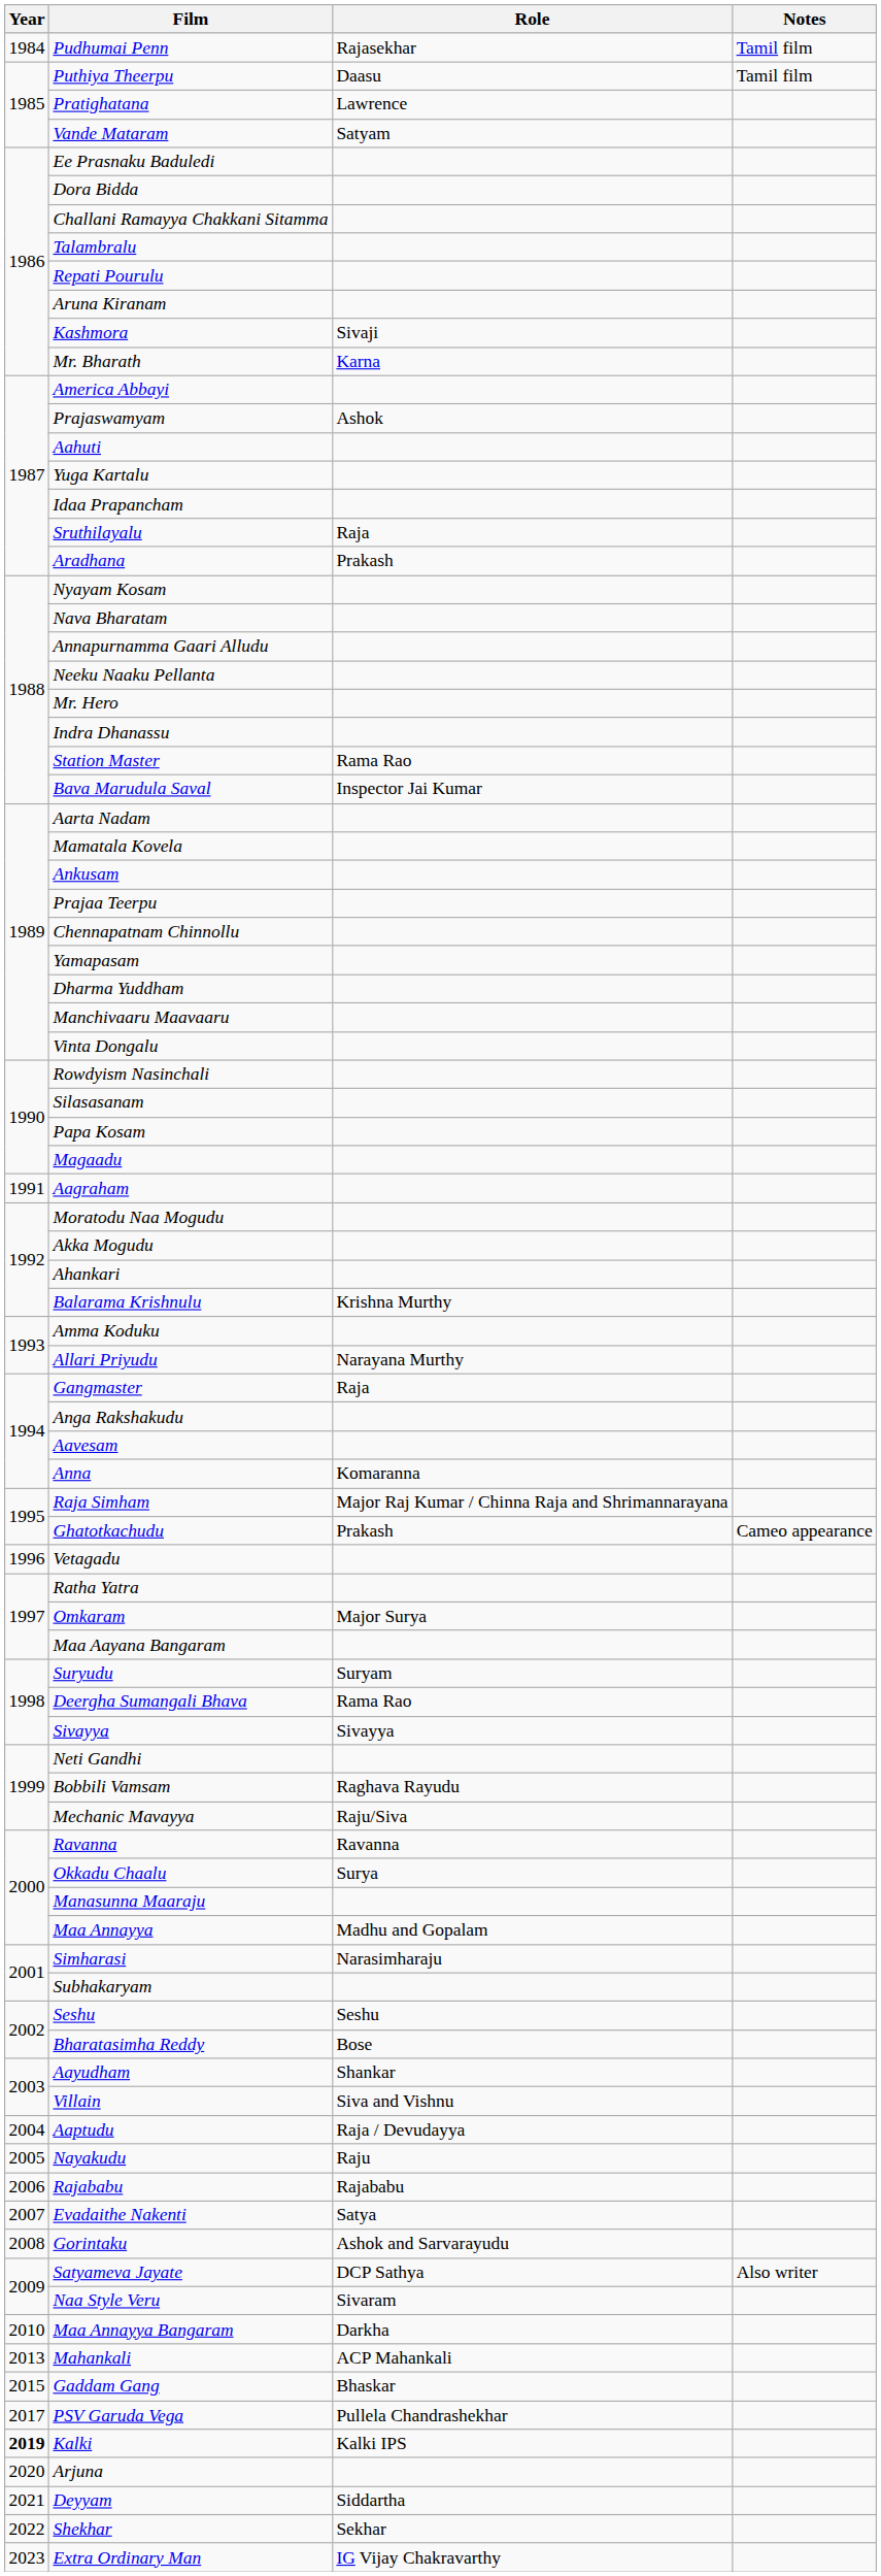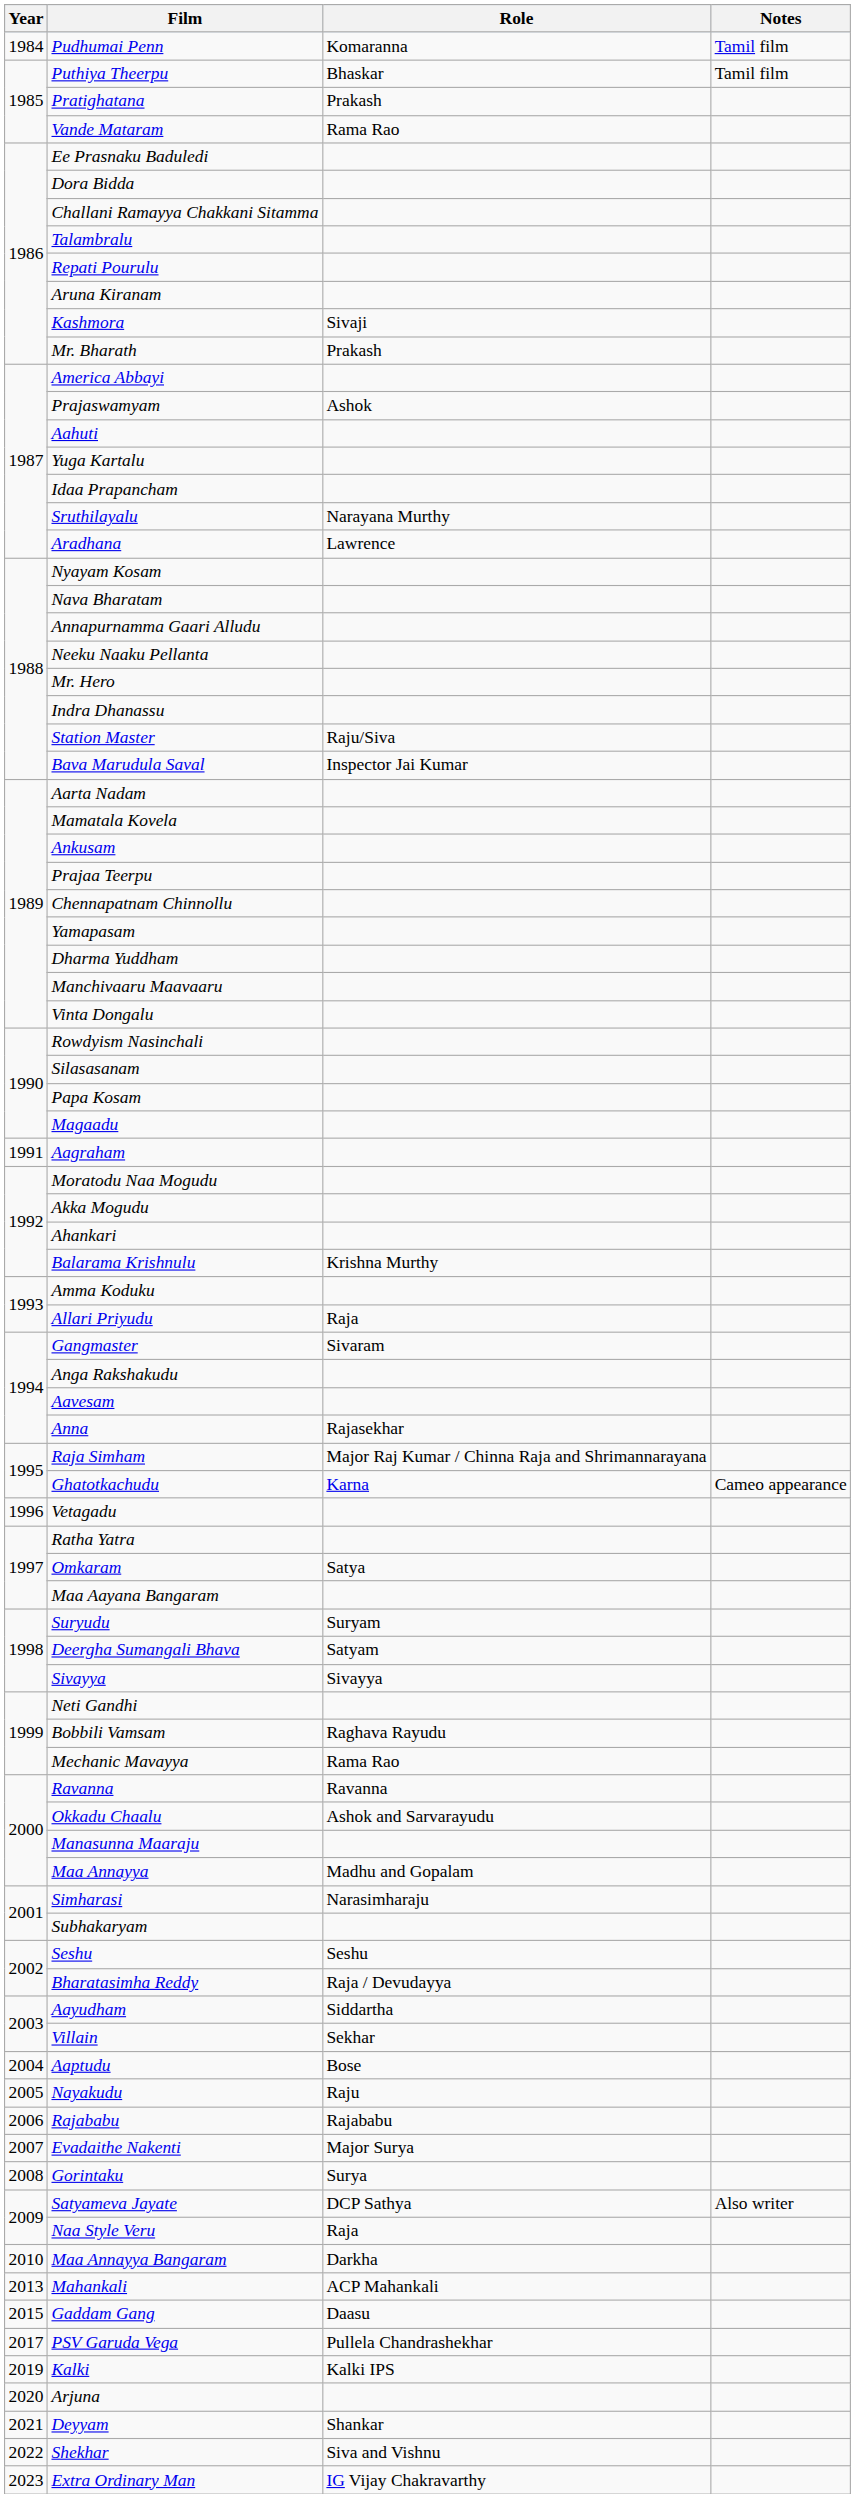 <table class="wikitable plainrowheaders sortable">
 <tr style="background:#B0C4DE;">
 <th>Year</th>
 <th>Film</th>
 <th>Role</th>
 <th class="unsortable">Notes</th>
 </tr>
 <tr>
 <td>1984</td>
 <td><em><a href='#'>Pudhumai Penn</a></em></td>
-<td>Rajasekhar</td>
+<td>Komaranna</td>
 <td><a href='#'>Tamil</a> film</td>
 </tr>
 <tr>
 <td rowspan="3">1985</td>
 <td><em><a href='#'>Puthiya Theerpu</a></em></td>
-<td>Daasu</td>
+<td>Bhaskar</td>
 <td>Tamil film</td>
 </tr>
 <tr>
 <td><em><a href='#'>Pratighatana</a></em></td>
-<td>Lawrence</td>
+<td>Prakash</td>
 <td></td>
 </tr>
 <tr>
 <td><em><a href='#'>Vande Mataram</a></em></td>
-<td>Satyam</td>
+<td>Rama Rao</td>
 <td></td>
 </tr>
 <tr>
 <td rowspan="8">1986</td>
 <td><em>Ee Prasnaku Baduledi</em></td>
 <td></td>
 <td></td>
 </tr>
 <tr>
 <td><em>Dora Bidda</em></td>
 <td></td>
 <td></td>
 </tr>
 <tr>
 <td><em>Challani Ramayya Chakkani Sitamma</em></td>
 <td></td>
 <td></td>
 </tr>
 <tr>
 <td><em><a href='#'>Talambralu</a></em></td>
 <td></td>
 <td></td>
 </tr>
 <tr>
 <td><em><a href='#'>Repati Pourulu</a></em></td>
 <td></td>
 <td></td>
 </tr>
 <tr>
 <td><em>Aruna Kiranam</em></td>
 <td></td>
 <td></td>
 </tr>
 <tr>
 <td><em><a href='#'>Kashmora</a></em></td>
 <td>Sivaji</td>
 <td></td>
 </tr>
 <tr>
 <td><em>Mr. Bharath</em></td>
-<td><a href='#'>Karna</a></td>
+<td>Prakash</td>
 <td></td>
 </tr>
 <tr>
 <td rowspan="7">1987</td>
 <td><em><a href='#'>America Abbayi</a></em></td>
 <td></td>
 <td></td>
 </tr>
 <tr>
 <td><em>Prajaswamyam</em> </td>
 <td>Ashok</td>
 <td></td>
 </tr>
 <tr>
 <td><em><a href='#'>Aahuti</a></em></td>
 <td></td>
 <td></td>
 </tr>
 <tr>
 <td><em>Yuga Kartalu</em></td>
 <td></td>
 <td></td>
 </tr>
 <tr>
 <td><em>Idaa Prapancham</em></td>
 <td></td>
 <td></td>
 </tr>
 <tr>
 <td><em><a href='#'>Sruthilayalu</a></em></td>
-<td>Raja</td>
+<td>Narayana Murthy</td>
 <td></td>
 </tr>
 <tr>
 <td><em><a href='#'>Aradhana</a></em></td>
-<td>Prakash</td>
+<td>Lawrence</td>
 <td></td>
 </tr>
 <tr>
 <td rowspan="8">1988</td>
 <td><em>Nyayam Kosam</em></td>
 <td></td>
 <td></td>
 </tr>
 <tr>
 <td><em>Nava Bharatam</em></td>
 <td></td>
 <td></td>
 </tr>
 <tr>
 <td><em>Annapurnamma Gaari Alludu</em></td>
 <td></td>
 <td></td>
 </tr>
 <tr>
 <td><em>Neeku Naaku Pellanta</em></td>
 <td></td>
 <td></td>
 </tr>
 <tr>
 <td><em>Mr. Hero</em></td>
 <td></td>
 <td></td>
 </tr>
 <tr>
 <td><em>Indra Dhanassu</em></td>
 <td></td>
 <td></td>
 </tr>
 <tr>
 <td><em><a href='#'>Station Master</a></em></td>
-<td>Rama Rao</td>
+<td>Raju/Siva</td>
 <td></td>
 </tr>
 <tr>
 <td><em><a href='#'>Bava Marudula Saval</a></em></td>
 <td>Inspector Jai Kumar</td>
 <td></td>
 </tr>
 <tr>
 <td rowspan="9">1989</td>
 <td><em>Aarta Nadam</em></td>
 <td></td>
 <td></td>
 </tr>
 <tr>
 <td><em>Mamatala Kovela</em></td>
 <td></td>
 <td></td>
 </tr>
 <tr>
 <td><em><a href='#'>Ankusam</a></em></td>
 <td></td>
 <td></td>
 </tr>
 <tr>
 <td><em>Prajaa Teerpu</em></td>
 <td></td>
 <td></td>
 </tr>
 <tr>
 <td><em>Chennapatnam Chinnollu</em></td>
 <td></td>
 <td></td>
 </tr>
 <tr>
 <td><em>Yamapasam</em></td>
 <td></td>
 <td></td>
 </tr>
 <tr>
 <td><em>Dharma Yuddham</em></td>
 <td></td>
 <td></td>
 </tr>
 <tr>
 <td><em>Manchivaaru Maavaaru</em></td>
 <td></td>
 <td></td>
 </tr>
 <tr>
 <td><em>Vinta Dongalu</em></td>
 <td></td>
 <td></td>
 </tr>
 <tr>
 <td rowspan="4">1990</td>
 <td><em>Rowdyism Nasinchali</em></td>
 <td></td>
 <td></td>
 </tr>
 <tr>
 <td><em>Silasasanam</em></td>
 <td></td>
 <td></td>
 </tr>
 <tr>
 <td><em>Papa Kosam</em></td>
 <td></td>
 <td></td>
 </tr>
 <tr>
 <td><em><a href='#'>Magaadu</a></em></td>
 <td></td>
 <td></td>
 </tr>
 <tr>
 <td>1991</td>
 <td><a href='#'><em>Aagraham</em></a></td>
 <td></td>
 <td></td>
 </tr>
 <tr>
 <td rowspan="4">1992</td>
 <td><em>Moratodu Naa Mogudu</em></td>
 <td></td>
 <td></td>
 </tr>
 <tr>
 <td><em>Akka Mogudu</em></td>
 <td></td>
 <td></td>
 </tr>
 <tr>
 <td><em>Ahankari</em></td>
 <td></td>
 <td></td>
 </tr>
 <tr>
 <td><em><a href='#'>Balarama Krishnulu</a></em></td>
 <td>Krishna Murthy</td>
 <td></td>
 </tr>
 <tr>
 <td rowspan="2">1993</td>
 <td><em>Amma Koduku</em></td>
 <td></td>
 <td></td>
 </tr>
 <tr>
 <td><em><a href='#'>Allari Priyudu</a></em></td>
-<td>Narayana Murthy</td>
+<td>Raja</td>
 <td></td>
 </tr>
 <tr>
 <td rowspan="4">1994</td>
 <td><em><a href='#'>Gangmaster</a></em></td>
-<td>Raja</td>
+<td>Sivaram</td>
 <td></td>
 </tr>
 <tr>
 <td><em>Anga Rakshakudu</em></td>
 <td></td>
 <td></td>
 </tr>
 <tr>
 <td><em><a href='#'>Aavesam</a></em></td>
 <td></td>
 <td></td>
 </tr>
 <tr>
 <td><em><a href='#'>Anna</a></em></td>
-<td>Komaranna</td>
+<td>Rajasekhar</td>
 <td></td>
 </tr>
 <tr>
 <td rowspan="2">1995</td>
 <td><em><a href='#'>Raja Simham</a></em></td>
 <td>Major Raj Kumar / Chinna Raja and Shrimannarayana</td>
 <td></td>
 </tr>
 <tr>
 <td><em><a href='#'>Ghatotkachudu</a></em></td>
-<td>Prakash</td>
+<td><a href='#'>Karna</a></td>
 <td>Cameo appearance</td>
 </tr>
 <tr>
 <td>1996</td>
 <td><em>Vetagadu</em></td>
 <td></td>
 <td></td>
 </tr>
 <tr>
 <td rowspan="3">1997</td>
 <td><em>Ratha Yatra</em></td>
 <td></td>
 <td></td>
 </tr>
 <tr>
 <td><em><a href='#'>Omkaram</a></em></td>
-<td>Major Surya</td>
+<td>Satya</td>
 <td></td>
 </tr>
 <tr>
 <td><em>Maa Aayana Bangaram</em></td>
 <td></td>
 <td></td>
 </tr>
 <tr>
 <td rowspan="3">1998</td>
 <td><em><a href='#'>Suryudu</a></em></td>
 <td>Suryam</td>
 <td></td>
 </tr>
 <tr>
 <td><em><a href='#'>Deergha Sumangali Bhava</a></em></td>
-<td>Rama Rao</td>
+<td>Satyam</td>
 <td></td>
 </tr>
 <tr>
 <td><em><a href='#'>Sivayya</a></em></td>
 <td>Sivayya</td>
 <td></td>
 </tr>
 <tr>
 <td rowspan="3">1999</td>
 <td><em>Neti Gandhi</em></td>
 <td></td>
 <td></td>
 </tr>
 <tr>
 <td><em>Bobbili Vamsam</em></td>
 <td>Raghava Rayudu</td>
 <td></td>
 </tr>
 <tr>
 <td><em>Mechanic Mavayya</em></td>
-<td>Raju/Siva</td>
+<td>Rama Rao</td>
 <td></td>
 </tr>
 <tr>
 <td rowspan="4">2000</td>
 <td><em><a href='#'>Ravanna</a></em></td>
 <td>Ravanna</td>
 <td></td>
 </tr>
 <tr>
 <td><a href='#'><em>Okkadu Chaalu</em></a></td>
-<td>Surya</td>
+<td>Ashok and Sarvarayudu</td>
 <td></td>
 </tr>
 <tr>
 <td><em><a href='#'>Manasunna Maaraju</a></em></td>
 <td></td>
 <td></td>
 </tr>
 <tr>
 <td><em><a href='#'>Maa Annayya</a></em></td>
 <td>Madhu and Gopalam</td>
 <td></td>
 </tr>
 <tr>
 <td rowspan="2">2001</td>
 <td><em><a href='#'>Simharasi</a></em></td>
 <td>Narasimharaju</td>
 <td></td>
 </tr>
 <tr>
 <td><em>Subhakaryam </em></td>
 <td></td>
 <td></td>
 </tr>
 <tr>
 <td rowspan="2">2002</td>
 <td><em><a href='#'>Seshu</a></em></td>
 <td>Seshu</td>
 <td></td>
 </tr>
 <tr>
 <td><em><a href='#'>Bharatasimha Reddy</a></em></td>
-<td>Bose</td>
+<td>Raja / Devudayya</td>
 <td></td>
 </tr>
 <tr>
 <td rowspan="2">2003</td>
 <td><em><a href='#'>Aayudham</a></em></td>
-<td>Shankar</td>
+<td>Siddartha</td>
 <td></td>
 </tr>
 <tr>
 <td><em><a href='#'>Villain</a></em></td>
-<td>Siva and Vishnu</td>
+<td>Sekhar</td>
 <td></td>
 </tr>
 <tr>
 <td>2004</td>
 <td><em><a href='#'>Aaptudu</a></em></td>
-<td>Raja / Devudayya</td>
+<td>Bose</td>
 <td></td>
 </tr>
 <tr>
 <td>2005</td>
 <td><em><a href='#'>Nayakudu</a></em></td>
 <td>Raju</td>
 <td></td>
 </tr>
 <tr>
 <td>2006</td>
 <td><em><a href='#'>Rajababu</a></em></td>
 <td>Rajababu</td>
 <td></td>
 </tr>
 <tr>
 <td>2007</td>
 <td><em><a href='#'>Evadaithe Nakenti</a></em></td>
-<td>Satya</td>
+<td>Major Surya</td>
 <td></td>
 </tr>
 <tr>
 <td>2008</td>
 <td><em><a href='#'>Gorintaku</a></em></td>
-<td>Ashok and Sarvarayudu</td>
+<td>Surya</td>
 <td></td>
 </tr>
 <tr>
 <td rowspan="2">2009</td>
 <td><em><a href='#'>Satyameva Jayate</a></em></td>
 <td>DCP Sathya</td>
 <td>Also writer</td>
 </tr>
 <tr>
 <td><em><a href='#'>Naa Style Veru</a></em></td>
-<td>Sivaram</td>
+<td>Raja</td>
 <td></td>
 </tr>
 <tr>
 <td>2010</td>
 <td><em><a href='#'>Maa Annayya Bangaram</a></em></td>
 <td>Darkha</td>
 <td></td>
 </tr>
 <tr>
 <td>2013</td>
 <td><em><a href='#'>Mahankali</a></em></td>
 <td>ACP Mahankali</td>
 <td></td>
 </tr>
 <tr>
 <td>2015</td>
 <td><em><a href='#'>Gaddam Gang</a></em></td>
-<td>Bhaskar</td>
+<td>Daasu</td>
 <td></td>
 </tr>
 <tr>
 <td>2017</td>
 <td><em><a href='#'>PSV Garuda Vega</a></em></td>
 <td>Pullela Chandrashekhar</td>
 <td></td>
 </tr>
 <tr>
-<td><strong>2019</strong></td>
+<td>2019</td>
 <td><em><a href='#'>Kalki</a></em></td>
 <td>Kalki IPS</td>
 <td></td>
 </tr>
 <tr>
 <td>2020</td>
 <td><em>Arjuna</em></td>
 <td></td>
 <td></td>
 </tr>
 <tr>
 <td>2021</td>
 <td><em><a href='#'>Deyyam</a></em></td>
-<td>Siddartha</td>
+<td>Shankar</td>
 <td></td>
 </tr>
 <tr>
 <td>2022</td>
 <td><em><a href='#'>Shekhar</a></em></td>
-<td>Sekhar</td>
+<td>Siva and Vishnu</td>
 <td></td>
 </tr>
 <tr>
 <td>2023</td>
 <td><em><a href='#'>Extra Ordinary Man</a></em></td>
 <td><a href='#'>IG</a> Vijay Chakravarthy</td>
 <td></td>
 </tr>
 </table>
